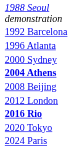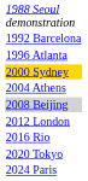 <table>
 <tr>
 <td><a href='#'><em>1988 Seoul</em></a><br><em>demonstration</em></td>
 <td></td>
 <td></td>
 <td><br></td>
 </tr>
 <tr>
 <td><a href='#'>1992 Barcelona</a></td>
 <td></td>
 <td></td>
 <td></td>
 </tr>
 <tr>
 <td><a href='#'>1996 Atlanta</a></td>
 <td></td>
 <td></td>
 <td></td>
 </tr>
 <tr>
-<td><a href='#'>2000 Sydney</a></td>
+<td style="background: gold;"><a href='#'>2000 Sydney</a></td>
 <td></td>
 <td></td>
 <td></td>
 </tr>
 <tr>
-<td><strong><a href='#'>2004 Athens</a></strong></td>
+<td><a href='#'>2004 Athens</a></td>
 <td></td>
 <td></td>
 <td></td>
 </tr>
 <tr>
-<td><a href='#'>2008 Beijing</a></td>
+<td style="background: lightgrey;"><a href='#'>2008 Beijing</a></td>
 <td></td>
 <td></td>
 <td></td>
 </tr>
 <tr>
 <td><a href='#'>2012 London</a></td>
 <td></td>
 <td></td>
 <td></td>
 </tr>
 <tr>
-<td><strong><a href='#'>2016 Rio</a></strong></td>
+<td><a href='#'>2016 Rio</a></td>
 <td></td>
 <td></td>
 <td></td>
 </tr>
 <tr>
 <td><a href='#'>2020 Tokyo</a></td>
 <td></td>
 <td></td>
 <td></td>
 </tr>
 <tr>
 <td><a href='#'>2024 Paris</a></td>
 <td></td>
 <td></td>
 <td></td>
 </tr>
 </table>
